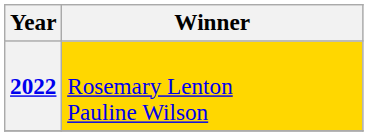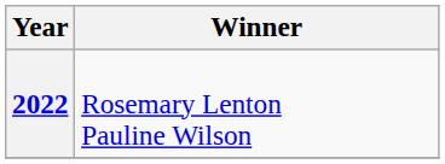 <table class="wikitable">
 <tr>
 <th>Year</th>
 <th Width=200>Winner</th>
 </tr>
 <tr>
 <th><a href='#'>2022</a></th>
-<td style="background: gold;"> <br><a href='#'>Rosemary Lenton</a><br><a href='#'>Pauline Wilson</a></td>
+<td> <br><a href='#'>Rosemary Lenton</a><br><a href='#'>Pauline Wilson</a></td>
 </tr>
 <tr>
 </tr>
 </table>
